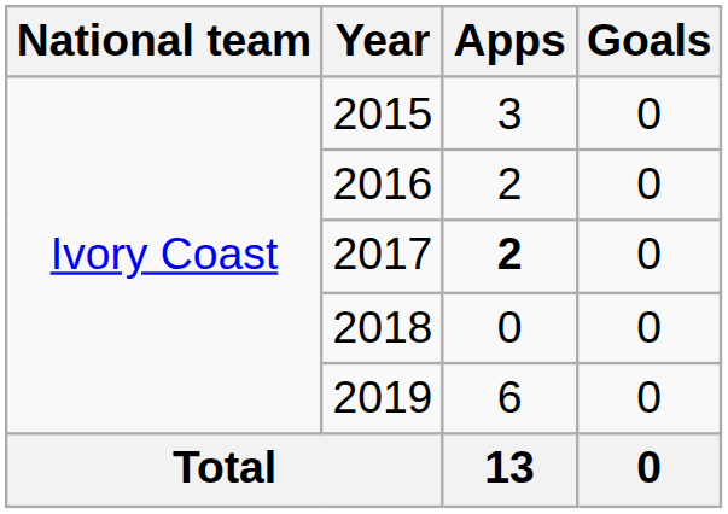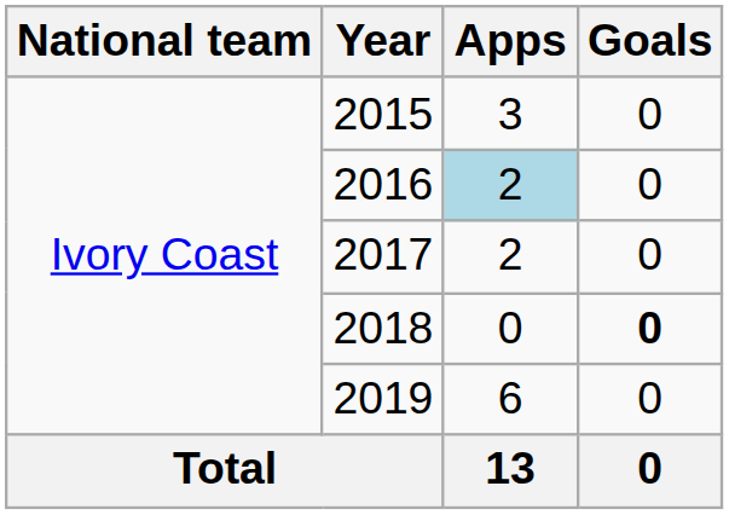 <table class="wikitable" style="text-align:center">
 <tr>
 <th>National team</th>
 <th>Year</th>
 <th>Apps</th>
 <th>Goals</th>
 </tr>
 <tr>
 <td rowspan="5"><a href='#'>Ivory Coast</a></td>
 <td>2015</td>
 <td>3</td>
 <td>0</td>
 </tr>
 <tr>
 <td>2016</td>
-<td>2</td>
+<td style="background: lightblue;">2</td>
 <td>0</td>
 </tr>
 <tr>
 <td>2017</td>
-<td><strong>2</strong></td>
+<td>2</td>
 <td>0</td>
 </tr>
 <tr>
 <td>2018</td>
 <td>0</td>
-<td>0</td>
+<td><strong>0</strong></td>
 </tr>
 <tr>
 <td>2019</td>
 <td>6</td>
 <td>0</td>
 </tr>
 <tr>
 <th colspan="2">Total</th>
 <th>13</th>
 <th>0</th>
 </tr>
 </table>
